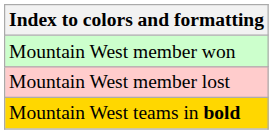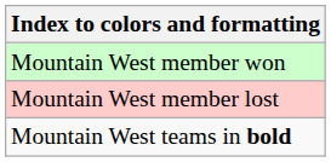 <table class="wikitable">
 <tr>
 <th>Index to colors and formatting</th>
 </tr>
 <tr style="background:#cfc;">
 <td>Mountain West member won</td>
 </tr>
 <tr style="background:#fcc;">
 <td>Mountain West member lost</td>
 </tr>
 <tr>
-<td style="background: gold;">Mountain West teams in <strong>bold</strong></td>
+<td>Mountain West teams in <strong>bold</strong></td>
 </tr>
 </table>
